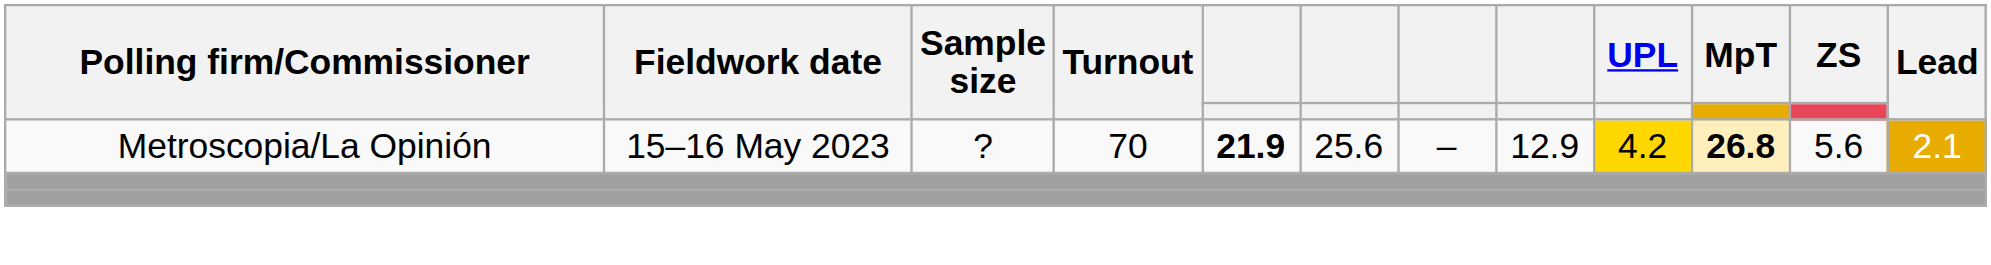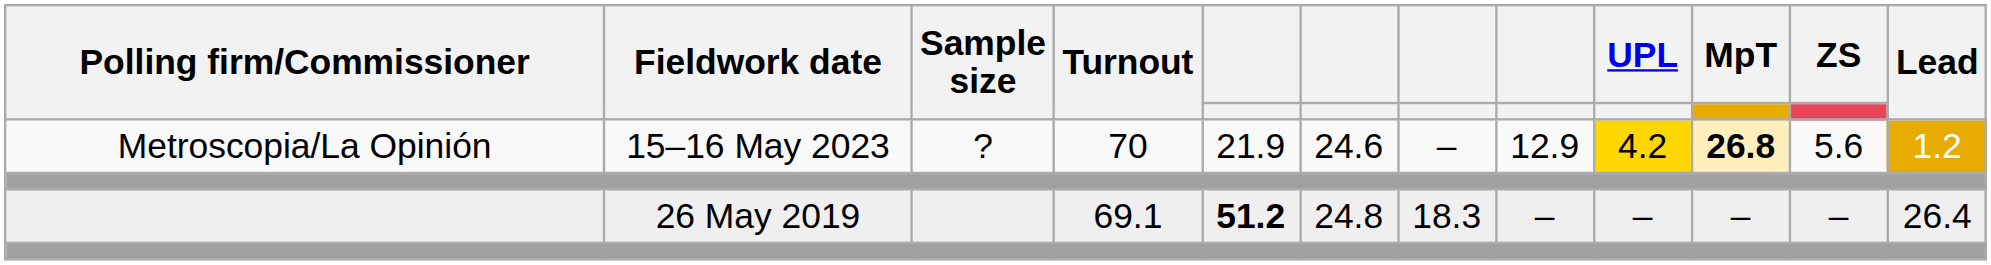 <table class="wikitable collapsible collapsed" style="text-align:center; font-size:95%; line-height:16px;">
 <tr style="height:42px;">
 <th style="width:250px;" rowspan="2">Polling firm/Commissioner</th>
 <th style="width:125px;" rowspan="2">Fieldwork date</th>
 <th style="width:50px;" rowspan="2">Sample size</th>
 <th style="width:45px;" rowspan="2">Turnout</th>
 <th style="width:35px;"></th>
 <th style="width:35px;"></th>
 <th style="width:35px;"></th>
 <th style="width:35px;"></th>
 <th style="width:35px;"><a href='#'>UPL</a></th>
 <th style="width:35px;">MpT</th>
 <th style="width:35px;">ZS</th>
 <th style="width:30px;" rowspan="2">Lead</th>
 </tr>
 <tr>
 <th style="color:inherit;background:"></th>
 <th style="color:inherit;background:"></th>
 <th style="color:inherit;background:"></th>
 <th style="color:inherit;background:"></th>
 <th style="color:inherit;background:"></th>
 <th style="color:inherit;background:#E8AC00;"></th>
 <th style="color:inherit;background:#E84558;"></th>
 </tr>
 <tr>
 <td>Metroscopia/La Opinión</td>
 <td>15–16 May 2023</td>
 <td>?</td>
 <td>70</td>
-<td><strong>21.9<br></strong></td>
-<td>25.6<br></td>
+<td>21.9<br></td>
+<td>24.6<br></td>
 <td>–</td>
 <td>12.9<br></td>
 <td style="background: gold;">4.2<br></td>
 <td style="background:#FFEFBD;"><strong>26.8</strong><br></td>
 <td>5.6<br></td>
-<td style="background:#E8AC00; color:white;">2.1</td>
+<td style="background:#E8AC00; color:white;">1.2</td>
 </tr>
 <tr>
 <td colspan="12" style="background:#A0A0A0"></td>
+</tr>
+<tr style="background:#EFEFEF;">
+<td><strong></strong></td>
+<td>26 May 2019</td>
+<td></td>
+<td>69.1</td>
+<td><strong>51.2</strong><br></td>
+<td>24.8<br></td>
+<td>18.3<br></td>
+<td>–</td>
+<td>–</td>
+<td>–</td>
+<td>–</td>
+<td style="background:">26.4</td>
 </tr>
 <tr>
 <td colspan="12" style="background:#A0A0A0"></td>
 </tr>
 </table>
